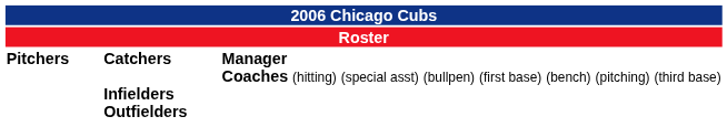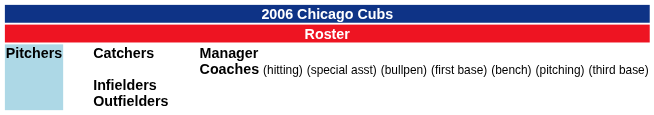 <table class="toccolours" style="font-size: 95%;">
 <tr>
 <th colspan="10" style="background:#0e3386; color:white; text-align:center;">2006 Chicago Cubs</th>
 </tr>
 <tr>
 <td colspan="10" style="background:#ee1422; color:white; text-align:center;"><strong>Roster</strong></td>
 </tr>
 <tr>
-<td valign="top"><strong>Pitchers</strong><br>                      </td>
+<td valign="top" style="background: lightblue;"><strong>Pitchers</strong><br>                      </td>
 <td style="width:25px;"></td>
 <td valign="top"><strong>Catchers</strong><br>   <br><strong>Infielders</strong>            <br><strong>Outfielders</strong>       </td>
 <td style="width:25px;"></td>
 <td valign="top"><strong>Manager</strong><br> <strong>Coaches</strong>  <small>(hitting)</small>  <small>(special asst)</small>  <small>(bullpen)</small>  <small>(first base)</small>  <small>(bench)</small>  <small>(pitching)</small>  <small>(third base)</small></td>
 </tr>
 </table>
